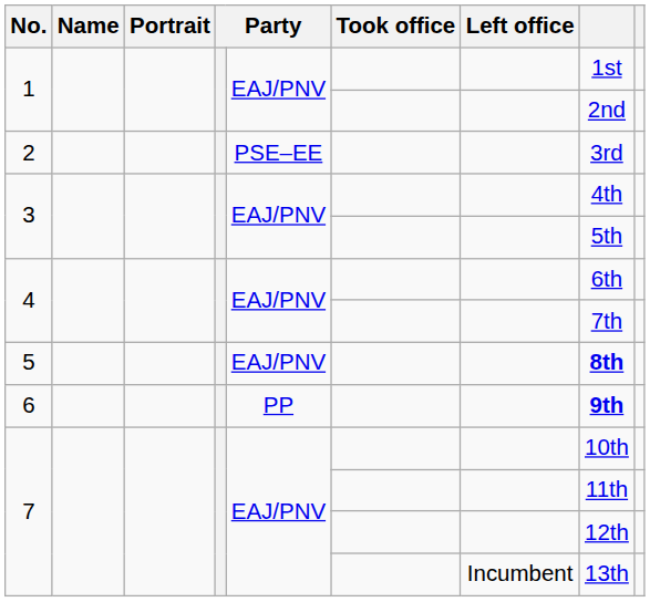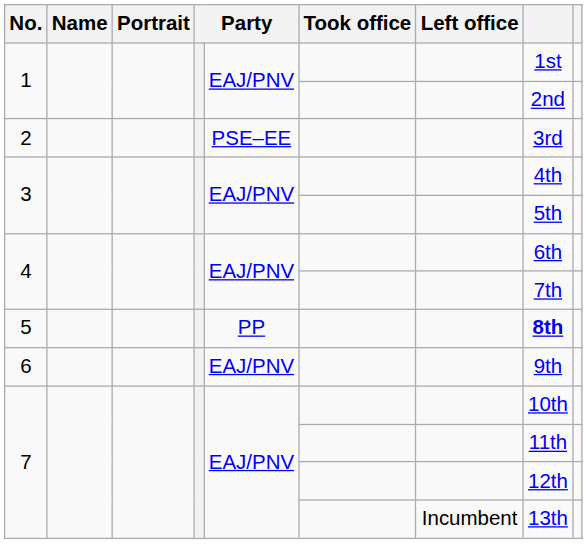 <table class="wikitable" style="line-height:1.4em; text-align:center; border:1px #aaf solid;">
 <tr>
 <th>No.</th>
 <th>Name</th>
 <th>Portrait</th>
 <th colspan="2">Party</th>
 <th>Took office</th>
 <th>Left office</th>
 <th></th>
 <th></th>
 </tr>
 <tr>
 <td rowspan=2>1</td>
 <td rowspan=2></td>
 <td rowspan=2></td>
 <th rowspan=2 style="background:"></th>
 <td rowspan=2><a href='#'>EAJ/PNV</a></td>
 <td></td>
 <td></td>
 <td><a href='#'>1st</a></td>
 <td></td>
 </tr>
 <tr>
 <td></td>
 <td></td>
 <td><a href='#'>2nd</a></td>
 <td></td>
 </tr>
 <tr>
 <td>2</td>
 <td></td>
 <td></td>
 <th style="background:"></th>
 <td><a href='#'>PSE–EE</a></td>
 <td></td>
 <td></td>
 <td><a href='#'>3rd</a></td>
 <td></td>
 </tr>
 <tr>
 <td rowspan=2>3</td>
 <td rowspan=2></td>
 <td rowspan=2></td>
 <th rowspan=2 style="background:"></th>
 <td rowspan=2><a href='#'>EAJ/PNV</a></td>
 <td></td>
 <td></td>
 <td><a href='#'>4th</a></td>
 <td></td>
 </tr>
 <tr>
 <td></td>
 <td></td>
 <td><a href='#'>5th</a></td>
 <td></td>
 </tr>
 <tr>
 <td rowspan=2>4</td>
 <td rowspan=2></td>
 <td rowspan=2></td>
 <th rowspan=2 style="background:"></th>
 <td rowspan=2><a href='#'>EAJ/PNV</a></td>
 <td></td>
 <td></td>
 <td><a href='#'>6th</a></td>
 <td></td>
 </tr>
 <tr>
 <td></td>
 <td></td>
 <td><a href='#'>7th</a></td>
 <td></td>
 </tr>
 <tr>
 <td>5</td>
 <td></td>
 <td></td>
 <th style="background:"></th>
-<td><a href='#'>EAJ/PNV</a></td>
+<td><a href='#'>PP</a></td>
 <td></td>
 <td></td>
 <td><strong><a href='#'>8th</a></strong></td>
 <td></td>
 </tr>
 <tr>
 <td>6</td>
 <td></td>
 <td></td>
 <th style="background:"></th>
-<td><a href='#'>PP</a></td>
+<td><a href='#'>EAJ/PNV</a></td>
 <td></td>
 <td></td>
-<td><strong><a href='#'>9th</a></strong></td>
+<td><a href='#'>9th</a></td>
 <td></td>
 </tr>
 <tr>
 <td rowspan=4>7</td>
 <td rowspan=4></td>
 <td rowspan=4></td>
 <th rowspan=4 style="background:"></th>
 <td rowspan=4><a href='#'>EAJ/PNV</a></td>
 <td></td>
 <td></td>
 <td><a href='#'>10th</a></td>
 <td></td>
 </tr>
 <tr>
 <td></td>
 <td></td>
 <td><a href='#'>11th</a></td>
 <td></td>
 </tr>
 <tr>
 <td></td>
 <td></td>
 <td><a href='#'>12th</a></td>
 <td></td>
 </tr>
 <tr>
 <td></td>
 <td>Incumbent</td>
 <td><a href='#'>13th</a></td>
 <td></td>
 </tr>
 </table>
